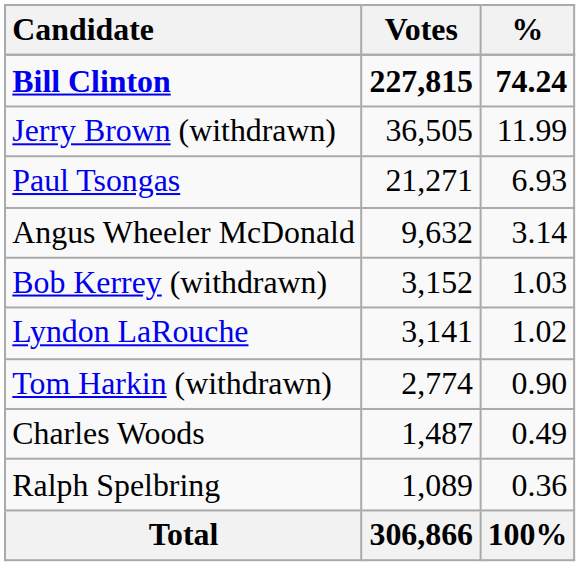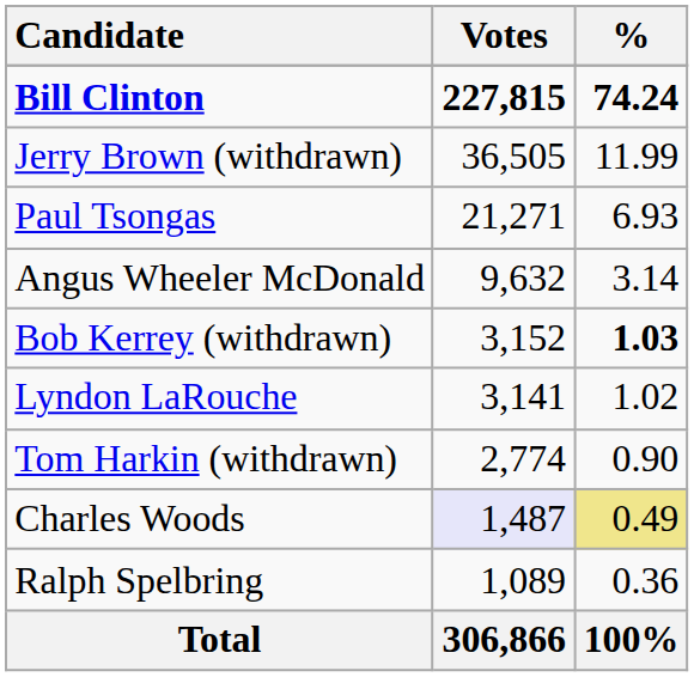 <table class="wikitable sortable plainrowheaders" style="text-align:right;">
 <tr>
 <th style="text-align:left;">Candidate</th>
 <th>Votes</th>
 <th>%</th>
 </tr>
 <tr>
 </tr>
 <tr>
 <td style="text-align:left;"><strong><a href='#'>Bill Clinton</a></strong></td>
 <td><strong>227,815</strong></td>
 <td><strong>74.24</strong></td>
 </tr>
 <tr>
 <td style="text-align:left;"><a href='#'>Jerry Brown</a> (withdrawn)</td>
 <td>36,505</td>
 <td>11.99</td>
 </tr>
 <tr>
 <td style="text-align:left;"><a href='#'>Paul Tsongas</a></td>
 <td>21,271</td>
 <td>6.93</td>
 </tr>
 <tr>
 <td style="text-align:left;">Angus Wheeler McDonald</td>
 <td>9,632</td>
 <td>3.14</td>
 </tr>
 <tr>
 <td style="text-align:left;"><a href='#'>Bob Kerrey</a> (withdrawn)</td>
 <td>3,152</td>
-<td>1.03</td>
+<td><strong>1.03</strong></td>
 </tr>
 <tr>
 <td style="text-align:left;"><a href='#'>Lyndon LaRouche</a></td>
 <td>3,141</td>
 <td>1.02</td>
 </tr>
 <tr>
 <td style="text-align:left;"><a href='#'>Tom Harkin</a> (withdrawn)</td>
 <td>2,774</td>
 <td>0.90</td>
 </tr>
 <tr>
 <td style="text-align:left;">Charles Woods</td>
-<td>1,487</td>
-<td>0.49</td>
+<td style="background: lavender;">1,487</td>
+<td style="background: khaki;">0.49</td>
 </tr>
 <tr>
 <td style="text-align:left;">Ralph Spelbring</td>
 <td>1,089</td>
 <td>0.36</td>
 </tr>
 <tr class="sortbottom">
 <th>Total</th>
 <th>306,866</th>
 <th>100%</th>
 </tr>
 </table>
